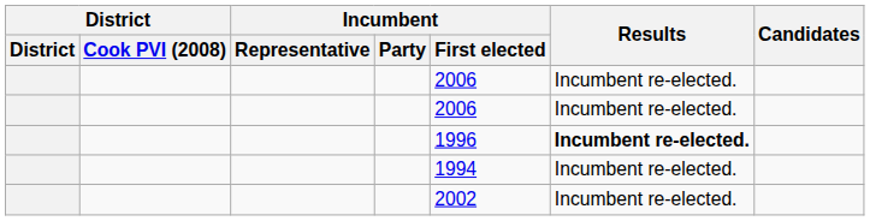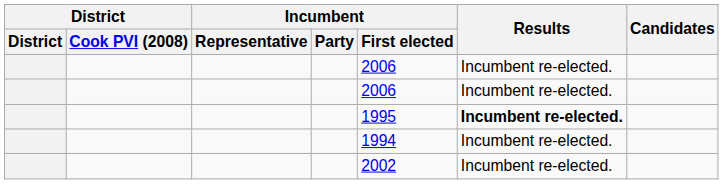 <table class="wikitable sortable">
 <tr>
 <th colspan=2>District</th>
 <th colspan=3>Incumbent</th>
 <th rowspan=2>Results</th>
 <th rowspan=2>Candidates</th>
 </tr>
 <tr valign=bottom>
 <th>District</th>
 <th><a href='#'>Cook PVI</a> (2008)</th>
 <th>Representative</th>
 <th>Party</th>
 <th>First elected</th>
 </tr>
 <tr>
 <th></th>
 <td></td>
 <td></td>
 <td></td>
 <td><a href='#'>2006</a></td>
 <td>Incumbent re-elected.</td>
 <td nowrap></td>
 </tr>
 <tr>
 <th></th>
 <td></td>
 <td></td>
 <td></td>
 <td><a href='#'>2006</a></td>
 <td>Incumbent re-elected.</td>
 <td nowrap></td>
 </tr>
 <tr>
 <th></th>
 <td></td>
 <td></td>
 <td></td>
-<td><a href='#'>1996</a></td>
+<td><a href='#'>1995</a></td>
 <td><strong>Incumbent re-elected.</strong></td>
 <td nowrap></td>
 </tr>
 <tr>
 <th></th>
 <td></td>
 <td></td>
 <td></td>
 <td><a href='#'>1994</a></td>
 <td>Incumbent re-elected.</td>
 <td nowrap></td>
 </tr>
 <tr>
 <th></th>
 <td></td>
 <td></td>
 <td></td>
 <td><a href='#'>2002</a></td>
 <td>Incumbent re-elected.</td>
 <td nowrap></td>
 </tr>
 </table>
